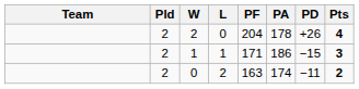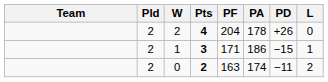 <table class=wikitable style="text-align:center">
 <tr>
 <th width=180>Team</th>
 <th width=30>Pld</th>
 <th width=30>W</th>
-<th width=30>L</th>
+<th width=30>Pts</th>
 <th width=30>PF</th>
 <th width=30>PA</th>
 <th width=30>PD</th>
-<th width=30>Pts</th>
+<th width=30>L</th>
 </tr>
 <tr align=center>
 <td align=left></td>
 <td>2</td>
 <td>2</td>
-<td>0</td>
+<td><strong>4</strong></td>
 <td>204</td>
 <td>178</td>
 <td>+26</td>
-<td><strong>4</strong></td>
+<td>0</td>
 </tr>
 <tr align=center>
 <td align=left></td>
 <td>2</td>
 <td>1</td>
-<td>1</td>
+<td><strong>3</strong></td>
 <td>171</td>
 <td>186</td>
 <td>−15</td>
-<td><strong>3</strong></td>
+<td>1</td>
 </tr>
 <tr align=center>
 <td align=left></td>
 <td>2</td>
 <td>0</td>
-<td>2</td>
+<td><strong>2</strong></td>
 <td>163</td>
 <td>174</td>
 <td>−11</td>
-<td><strong>2</strong></td>
+<td>2</td>
 </tr>
 </table>
